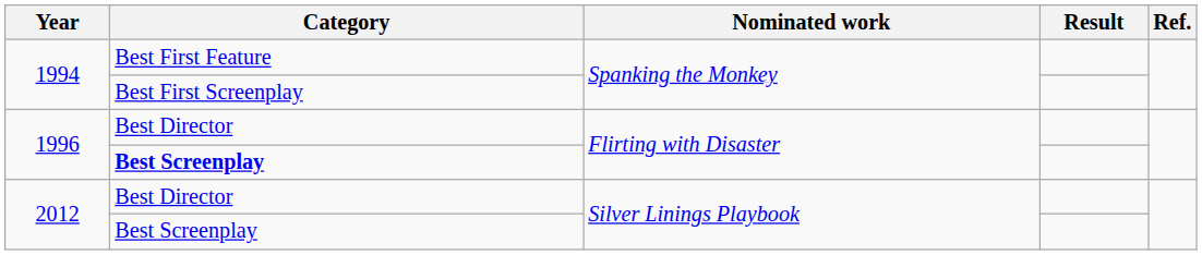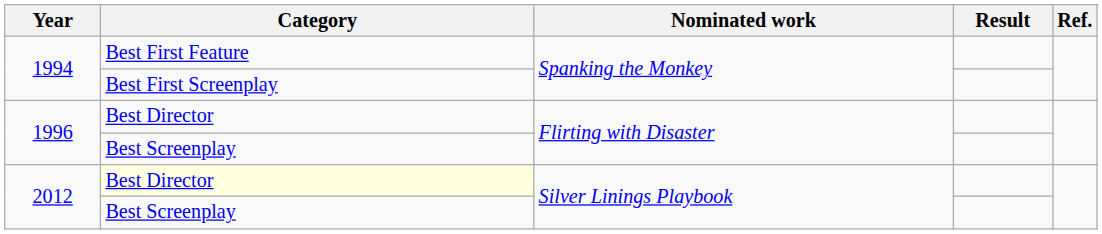 <table class=wikitable>
 <tr>
 <th scope="col" style="width:5em;">Year</th>
 <th scope="col" style="width:26em;">Category</th>
 <th scope="col" style="width:25em;">Nominated work</th>
 <th scope="col" style="width:5em;">Result</th>
 <th>Ref.</th>
 </tr>
 <tr>
 <td style="text-align:center;", rowspan=2><a href='#'>1994</a></td>
 <td><a href='#'>Best First Feature</a></td>
 <td rowspan=2><em><a href='#'>Spanking the Monkey</a></em></td>
 <td></td>
 <td rowspan=2></td>
 </tr>
 <tr>
 <td><a href='#'>Best First Screenplay</a></td>
 <td></td>
 </tr>
 <tr>
 <td style="text-align:center;", rowspan=2><a href='#'>1996</a></td>
 <td><a href='#'>Best Director</a></td>
 <td rowspan=2><em><a href='#'>Flirting with Disaster</a></em></td>
 <td></td>
 <td rowspan=2></td>
 </tr>
 <tr>
-<td><strong><a href='#'>Best Screenplay</a></strong></td>
+<td><a href='#'>Best Screenplay</a></td>
 <td></td>
 </tr>
 <tr>
 <td style="text-align:center;", rowspan=2><a href='#'>2012</a></td>
-<td><a href='#'>Best Director</a></td>
+<td style="background: lightyellow;"><a href='#'>Best Director</a></td>
 <td rowspan=2><em><a href='#'>Silver Linings Playbook</a></em></td>
 <td></td>
 <td rowspan=2></td>
 </tr>
 <tr>
 <td><a href='#'>Best Screenplay</a></td>
 <td></td>
 </tr>
 </table>
